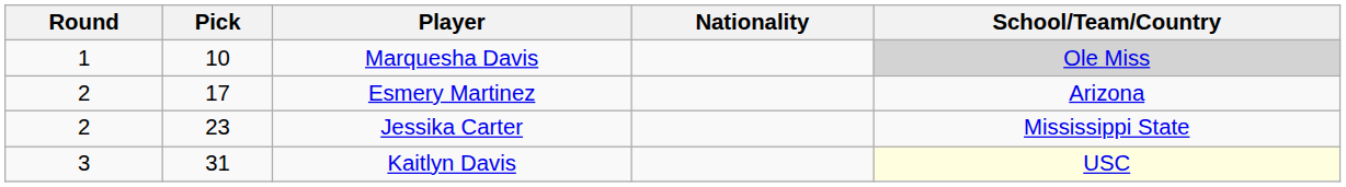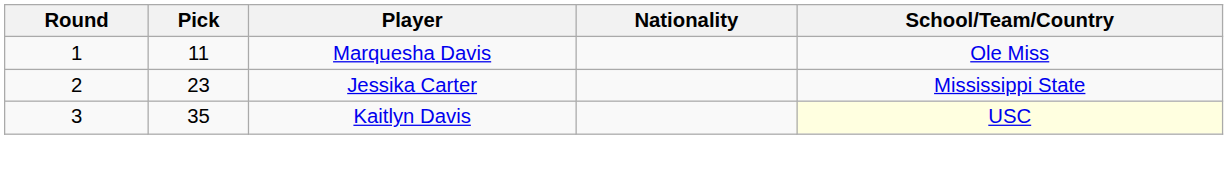 <table class="wikitable" style="text-align:center; width:60em">
 <tr>
 <th>Round</th>
 <th>Pick</th>
 <th>Player</th>
 <th>Nationality</th>
 <th>School/Team/Country</th>
 </tr>
 <tr>
 <td>1</td>
-<td>10</td>
+<td>11</td>
 <td><a href='#'>Marquesha Davis</a></td>
 <td></td>
-<td style="background: lightgrey;"><a href='#'>Ole Miss</a></td>
-</tr>
-<tr>
-<td>2</td>
-<td>17</td>
-<td><a href='#'>Esmery Martinez</a></td>
-<td></td>
-<td><a href='#'>Arizona</a></td>
+<td><a href='#'>Ole Miss</a></td>
 </tr>
 <tr>
 <td>2</td>
 <td>23</td>
 <td><a href='#'>Jessika Carter</a></td>
 <td></td>
 <td><a href='#'>Mississippi State</a></td>
 </tr>
 <tr>
 <td>3</td>
-<td>31</td>
+<td>35</td>
 <td><a href='#'>Kaitlyn Davis</a></td>
 <td></td>
 <td style="background: lightyellow;"><a href='#'>USC</a></td>
 </tr>
 </table>
